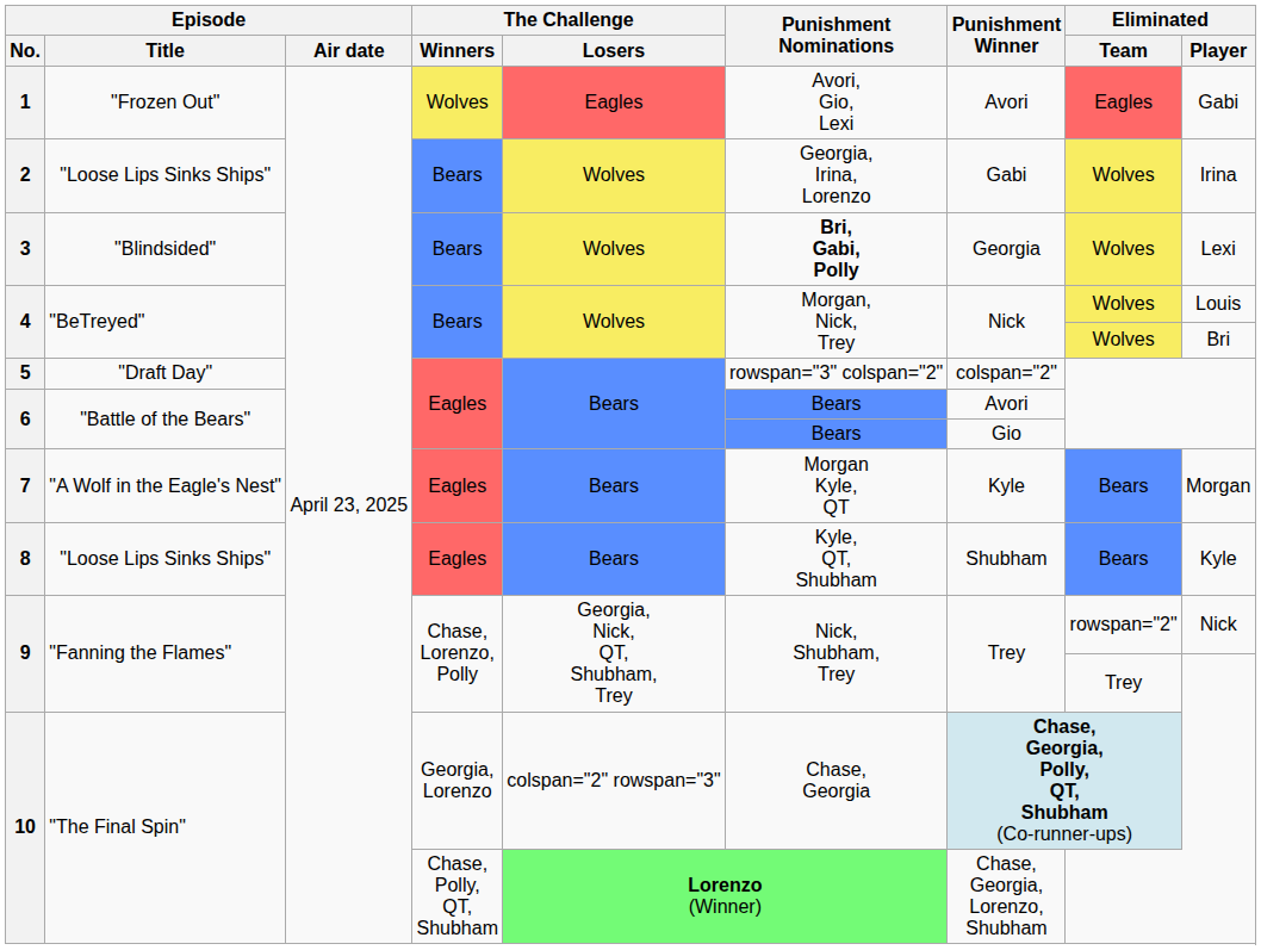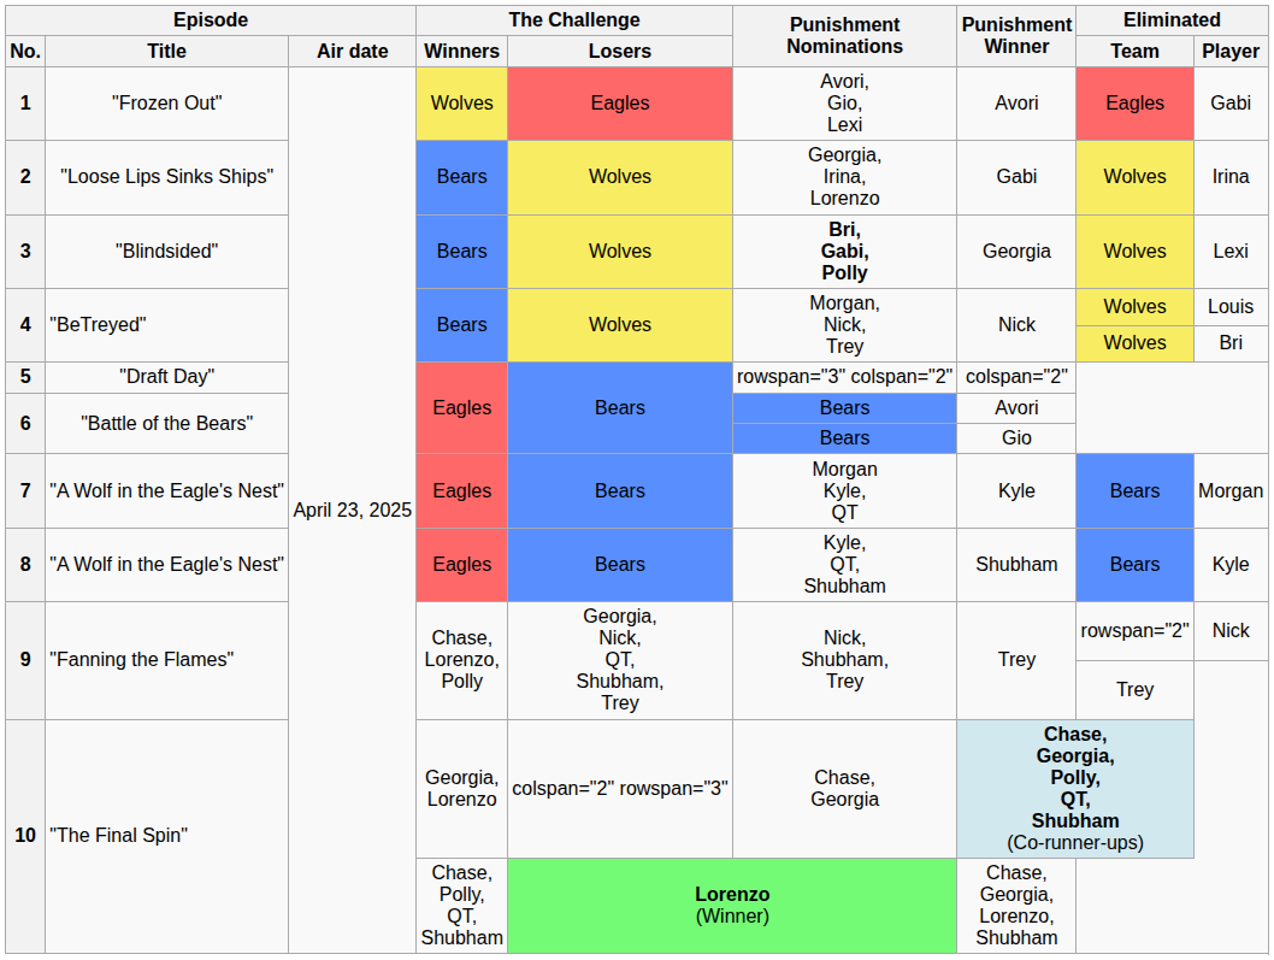 <table class="wikitable unsortable" style="text-align:center;">
 <tr>
 <th colspan="3">Episode</th>
 <th colspan="2">The Challenge</th>
 <th rowspan="2">Punishment<br>Nominations</th>
 <th rowspan="2">Punishment<br>Winner</th>
 <th colspan="2">Eliminated</th>
 </tr>
 <tr>
 <th scope="col">No.</th>
 <th scope="col">Title</th>
 <th scope="col">Air date</th>
 <th scope="col">Winners</th>
 <th scope="col">Losers</th>
 <th scope="col">Team</th>
 <th>Player</th>
 </tr>
 <tr>
 <th>1</th>
 <td>"Frozen Out"</td>
 <td rowspan="30" align="left">April 23, 2025</td>
 <td bgcolor="#f8ed62">Wolves</td>
 <td bgcolor="#ff6868">Eagles</td>
 <td>Avori,<br>Gio,<br>Lexi</td>
 <td>Avori</td>
 <td bgcolor="#ff6868">Eagles</td>
 <td>Gabi</td>
 </tr>
 <tr>
 <th>2</th>
 <td>"Loose Lips Sinks Ships"</td>
 <td bgcolor="#598eff">Bears</td>
 <td bgcolor="#f8ed62">Wolves</td>
 <td>Georgia,<br>Irina,<br>Lorenzo</td>
 <td>Gabi</td>
 <td bgcolor="#f8ed62">Wolves</td>
 <td>Irina</td>
 </tr>
 <tr>
 <th>3</th>
 <td>"Blindsided"</td>
 <td bgcolor="#598eff">Bears</td>
 <td bgcolor="#f8ed62">Wolves</td>
 <td><strong>Bri,<br>Gabi,<br>Polly</strong></td>
 <td>Georgia</td>
 <td bgcolor="#f8ed62">Wolves</td>
 <td>Lexi</td>
 </tr>
 <tr>
 <th rowspan="2">4</th>
 <td rowspan="2" align="left">"BeTreyed"</td>
 <td rowspan="2" bgcolor="#598eff">Bears</td>
 <td rowspan="2" bgcolor="#f8ed62">Wolves</td>
 <td rowspan="2">Morgan,<br>Nick,<br>Trey</td>
 <td rowspan="2">Nick</td>
 <td bgcolor="#f8ed62">Wolves</td>
 <td>Louis</td>
 </tr>
 <tr>
 <td bgcolor="#f8ed62">Wolves</td>
 <td>Bri</td>
 </tr>
 <tr>
 <th>5</th>
 <td>"Draft Day"</td>
 <td rowspan="3" bgcolor="#ff6868">Eagles</td>
 <td rowspan="3" bgcolor="#598eff">Bears</td>
 <td>rowspan="3" colspan="2" </td>
 <td>colspan="2" </td>
 </tr>
 <tr>
 <th rowspan="2">6</th>
 <td rowspan="2">"Battle of the Bears"</td>
 <td bgcolor="#598eff">Bears</td>
 <td>Avori</td>
 </tr>
 <tr>
 <td bgcolor="#598eff">Bears</td>
 <td>Gio</td>
 </tr>
 <tr>
 <th>7</th>
 <td>"A Wolf in the Eagle's Nest"</td>
 <td bgcolor="#ff6868">Eagles</td>
 <td bgcolor="#598eff">Bears</td>
 <td>Morgan<br>Kyle,<br>QT</td>
 <td>Kyle</td>
 <td bgcolor="598eff">Bears</td>
 <td>Morgan</td>
 </tr>
 <tr>
 <th>8</th>
-<td>"Loose Lips Sinks Ships"</td>
+<td>"A Wolf in the Eagle's Nest"</td>
 <td bgcolor="#ff6868">Eagles</td>
 <td bgcolor="#598eff">Bears</td>
 <td>Kyle,<br>QT,<br>Shubham</td>
 <td>Shubham</td>
 <td bgcolor="598eff">Bears</td>
 <td>Kyle</td>
 </tr>
 <tr>
 <th rowspan="2">9</th>
 <td rowspan="2" align="left">"Fanning the Flames"</td>
 <td rowspan="2">Chase,<br>Lorenzo,<br>Polly</td>
 <td rowspan="2">Georgia,<br>Nick,<br>QT,<br>Shubham,<br>Trey</td>
 <td rowspan="2">Nick,<br>Shubham,<br>Trey</td>
 <td rowspan="2">Trey</td>
 <td>rowspan="2"  </td>
 <td>Nick</td>
 </tr>
 <tr>
 <td>Trey</td>
 </tr>
 <tr>
 <th rowspan="3">10</th>
 <td rowspan="3" align="left">"The Final Spin"</td>
 <td rowspan="2">Georgia,<br>Lorenzo</td>
 <td>colspan="2" rowspan="3"  </td>
 <td rowspan="2">Chase,<br>Georgia</td>
 <td colspan="2" style="background:#D1E8EF;"><strong>Chase,<br>Georgia,<br>Polly,<br>QT,<br>Shubham</strong><br>(Co-runner-ups)<br></td>
 </tr>
 <tr>
 <td rowspan="2" colspan="2" style="background:#73FB76"><strong>Lorenzo</strong><br>(Winner)<br></td>
 </tr>
 <tr>
 <td>Chase,<br>Polly,<br>QT,<br>Shubham</td>
 <td>Chase,<br>Georgia,<br>Lorenzo,<br>Shubham</td>
 </tr>
 <tr>
 </tr>
 </table>
